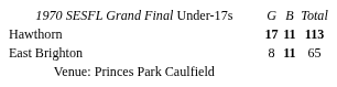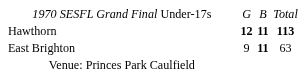 <table style="margin-right:4px; margin-top:8px; float:right; border:1px No. 000 solid; border-radius:8px; background:#fff; font-family:Verdana; font-size:8pt; text-align:center;">
 <tr>
 <td style="width:200px;"><em>1970 SESFL Grand Final</em> Under-17s</td>
 <td><em>G</em></td>
 <td><em>B</em></td>
 <td><em>Total</em></td>
 </tr>
 <tr>
 <td style="text-align:left">Hawthorn</td>
-<td><strong>17</strong></td>
+<td><strong>12</strong></td>
 <td><strong>11</strong></td>
 <td><strong>113</strong></td>
 </tr>
 <tr>
 <td style="text-align:left">East Brighton</td>
-<td>8</td>
+<td>9</td>
 <td><strong>11</strong></td>
-<td>65</td>
+<td>63</td>
 </tr>
 <tr>
 <td>Venue: Princes Park Caulfield</td>
 <td></td>
 </tr>
 </table>
